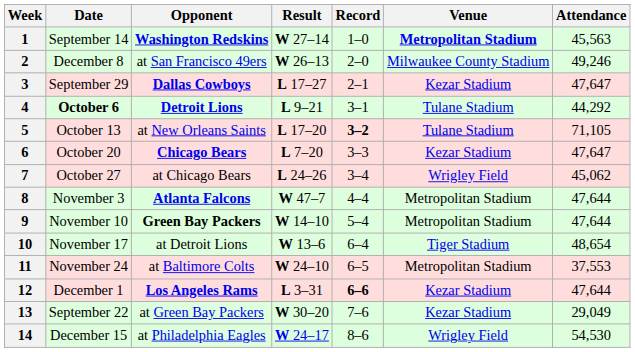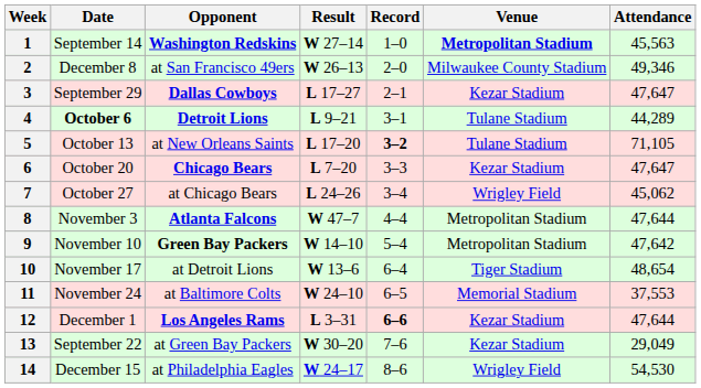 <table class="wikitable" style="text-align:center">
 <tr>
 <th>Week</th>
 <th>Date</th>
 <th>Opponent</th>
 <th>Result</th>
 <th>Record</th>
 <th>Venue</th>
 <th>Attendance</th>
 </tr>
 <tr style="background:#ddffdd">
 <th>1</th>
 <td>September 14</td>
 <td><strong><a href='#'>Washington Redskins</a></strong></td>
 <td><strong>W</strong> 27–14</td>
 <td>1–0</td>
 <td><strong><a href='#'>Metropolitan Stadium</a></strong></td>
 <td>45,563</td>
 </tr>
 <tr style="background:#ddffdd">
 <th>2</th>
 <td>December 8</td>
 <td>at <a href='#'>San Francisco 49ers</a></td>
 <td><strong>W</strong> 26–13</td>
 <td>2–0</td>
 <td><a href='#'>Milwaukee County Stadium</a></td>
-<td>49,246</td>
+<td>49,346</td>
 </tr>
 <tr style="background:#ffdddd">
 <th>3</th>
 <td>September 29</td>
 <td><strong><a href='#'>Dallas Cowboys</a></strong></td>
 <td><strong>L</strong> 17–27</td>
 <td>2–1</td>
 <td><a href='#'>Kezar Stadium</a></td>
 <td>47,647</td>
 </tr>
 <tr style="background:#ddffdd">
 <th>4</th>
 <td><strong>October 6</strong></td>
 <td><strong><a href='#'>Detroit Lions</a></strong></td>
 <td><strong>L</strong> 9–21</td>
 <td>3–1</td>
 <td><a href='#'>Tulane Stadium</a></td>
-<td>44,292</td>
+<td>44,289</td>
 </tr>
 <tr style="background:#ffdddd">
 <th>5</th>
 <td>October 13</td>
 <td>at <a href='#'>New Orleans Saints</a></td>
 <td><strong>L</strong> 17–20</td>
 <td><strong>3–2</strong></td>
 <td><a href='#'>Tulane Stadium</a></td>
 <td>71,105</td>
 </tr>
 <tr style="background:#ffdddd">
 <th>6</th>
 <td>October 20</td>
 <td><strong><a href='#'>Chicago Bears</a></strong></td>
 <td><strong>L</strong> 7–20</td>
 <td>3–3</td>
 <td><a href='#'>Kezar Stadium</a></td>
 <td>47,647</td>
 </tr>
 <tr style="background:#ffdddd">
 <th>7</th>
 <td>October 27</td>
 <td>at Chicago Bears</td>
 <td><strong>L</strong> 24–26</td>
 <td>3–4</td>
 <td><a href='#'>Wrigley Field</a></td>
 <td>45,062</td>
 </tr>
 <tr style="background:#ddffdd">
 <th>8</th>
 <td>November 3</td>
 <td><strong><a href='#'>Atlanta Falcons</a></strong></td>
 <td><strong>W</strong> 47–7</td>
 <td>4–4</td>
 <td>Metropolitan Stadium</td>
 <td>47,644</td>
 </tr>
 <tr style="background:#ddffdd">
 <th>9</th>
 <td>November 10</td>
 <td><strong>Green Bay Packers</strong></td>
 <td><strong>W</strong> 14–10</td>
 <td>5–4</td>
 <td>Metropolitan Stadium</td>
-<td>47,644</td>
+<td>47,642</td>
 </tr>
 <tr style="background:#ddffdd">
 <th>10</th>
 <td>November 17</td>
 <td>at Detroit Lions</td>
 <td><strong>W</strong> 13–6</td>
 <td>6–4</td>
 <td><a href='#'>Tiger Stadium</a></td>
 <td>48,654</td>
 </tr>
 <tr style="background:#ffdddd">
 <th>11</th>
 <td>November 24</td>
 <td>at <a href='#'>Baltimore Colts</a></td>
 <td><strong>W</strong> 24–10</td>
 <td>6–5</td>
-<td>Metropolitan Stadium</td>
+<td><a href='#'>Memorial Stadium</a></td>
 <td>37,553</td>
 </tr>
 <tr style="background:#ffdddd">
 <th>12</th>
 <td>December 1</td>
 <td><strong><a href='#'>Los Angeles Rams</a></strong></td>
 <td><strong>L</strong> 3–31</td>
 <td><strong>6–6</strong></td>
 <td><a href='#'>Kezar Stadium</a></td>
 <td>47,644</td>
 </tr>
 <tr style="background:#ddffdd">
 <th>13</th>
 <td>September 22</td>
 <td>at <a href='#'>Green Bay Packers</a></td>
 <td><strong>W</strong> 30–20</td>
 <td>7–6</td>
 <td><a href='#'>Kezar Stadium</a></td>
 <td>29,049</td>
 </tr>
 <tr style="background:#ddffdd">
 <th>14</th>
 <td>December 15</td>
 <td>at <a href='#'>Philadelphia Eagles</a></td>
 <td><a href='#'><strong>W</strong> 24–17</a></td>
 <td>8–6</td>
 <td><a href='#'>Wrigley Field</a></td>
 <td>54,530</td>
 </tr>
 </table>
